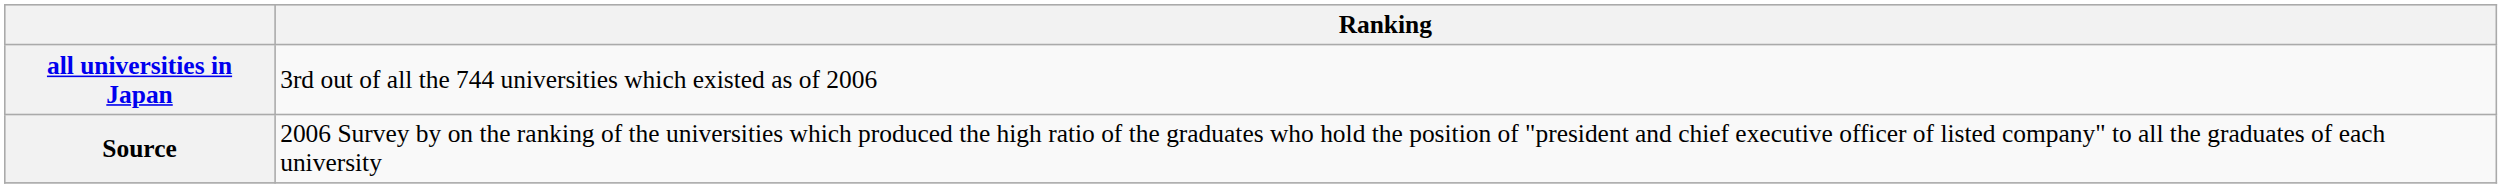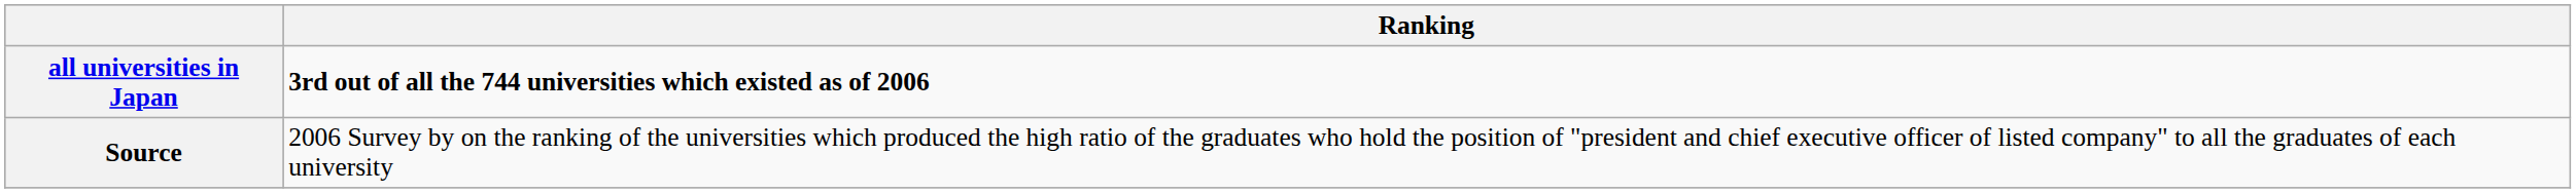 <table class="wikitable">
 <tr>
 <th></th>
 <th>Ranking</th>
 </tr>
 <tr>
 <th><a href='#'>all universities in Japan</a></th>
-<td>3rd out of all the 744 universities which existed as of 2006</td>
+<td><strong>3rd out of all the 744 universities which existed as of 2006</strong></td>
 </tr>
 <tr>
 <th>Source</th>
 <td>2006 Survey by  on the ranking of the universities which produced the high ratio of the graduates who hold the position of "president and chief executive officer of listed company" to all the graduates of each university</td>
 </tr>
 </table>
